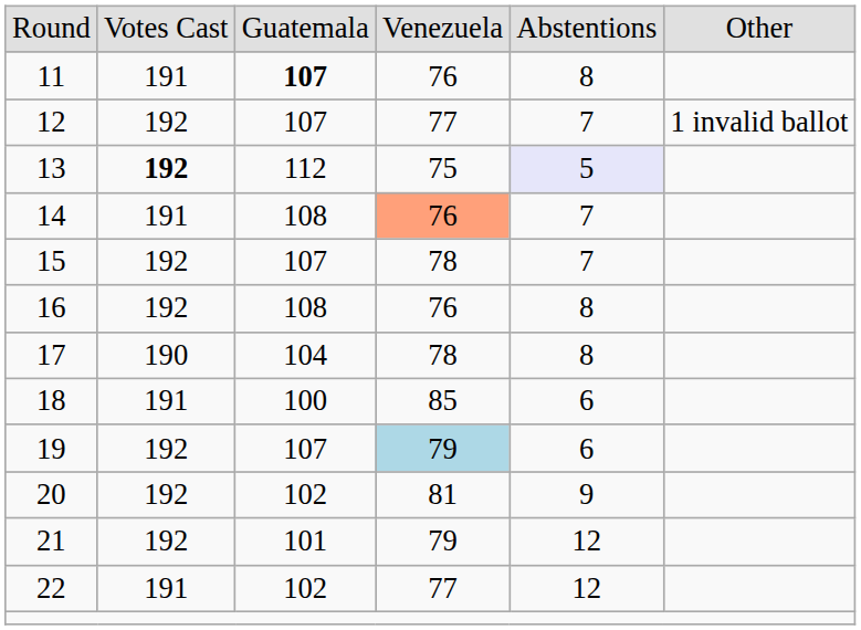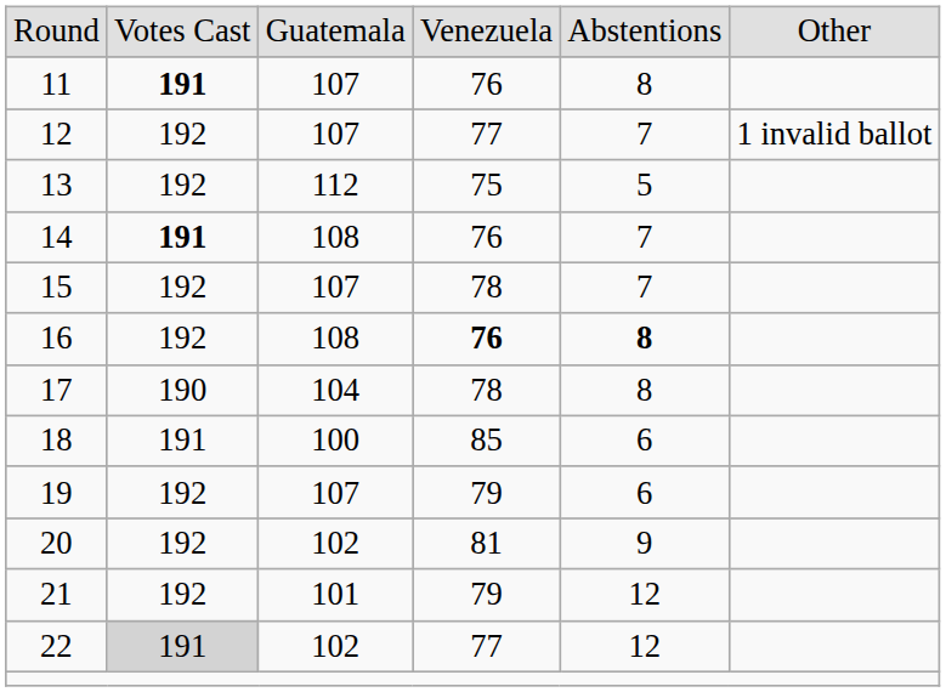 <table class="wikitable" style="float:Left; empty-cells:show;">
 <tr bgcolor="e0e0e0"  align=center>
 <td>Round</td>
 <td>Votes Cast</td>
 <td>Guatemala</td>
 <td>Venezuela</td>
 <td>Abstentions</td>
 <td>Other</td>
 </tr>
 <tr align=center>
 <td>11</td>
-<td>191</td>
-<td><strong>107</strong></td>
+<td><strong>191</strong></td>
+<td>107</td>
 <td>76</td>
 <td>8</td>
 <td></td>
 </tr>
 <tr align=center>
 <td>12</td>
 <td>192</td>
 <td>107</td>
 <td>77</td>
 <td>7</td>
 <td>1 invalid ballot</td>
 </tr>
 <tr align=center>
 <td>13</td>
-<td><strong>192</strong></td>
+<td>192</td>
 <td>112</td>
 <td>75</td>
-<td style="background: lavender;">5</td>
+<td>5</td>
 <td></td>
 </tr>
 <tr align=center>
 <td>14</td>
-<td>191</td>
+<td><strong>191</strong></td>
 <td>108</td>
-<td style="background: lightsalmon;">76</td>
+<td>76</td>
 <td>7</td>
 <td></td>
 </tr>
 <tr align=center>
 <td>15</td>
 <td>192</td>
 <td>107</td>
 <td>78</td>
 <td>7</td>
 <td></td>
 </tr>
 <tr align=center>
 <td>16</td>
 <td>192</td>
 <td>108</td>
-<td>76</td>
-<td>8</td>
+<td><strong>76</strong></td>
+<td><strong>8</strong></td>
 <td></td>
 </tr>
 <tr align=center>
 <td>17</td>
 <td>190</td>
 <td>104</td>
 <td>78</td>
 <td>8</td>
 <td></td>
 </tr>
 <tr align=center>
 <td>18</td>
 <td>191</td>
 <td>100</td>
 <td>85</td>
 <td>6</td>
 <td></td>
 </tr>
 <tr align=center>
 <td>19</td>
 <td>192</td>
 <td>107</td>
-<td style="background: lightblue;">79</td>
+<td>79</td>
 <td>6</td>
 <td></td>
 </tr>
 <tr align=center>
 <td>20</td>
 <td>192</td>
 <td>102</td>
 <td>81</td>
 <td>9</td>
 <td></td>
 </tr>
 <tr align=center>
 <td>21</td>
 <td>192</td>
 <td>101</td>
 <td>79</td>
 <td>12</td>
 <td></td>
 </tr>
 <tr align=center>
 <td>22</td>
-<td>191</td>
+<td style="background: lightgrey;">191</td>
 <td>102</td>
 <td>77</td>
 <td>12</td>
 <td></td>
 </tr>
 <tr>
 <td colspan="6"></td>
 </tr>
 </table>
